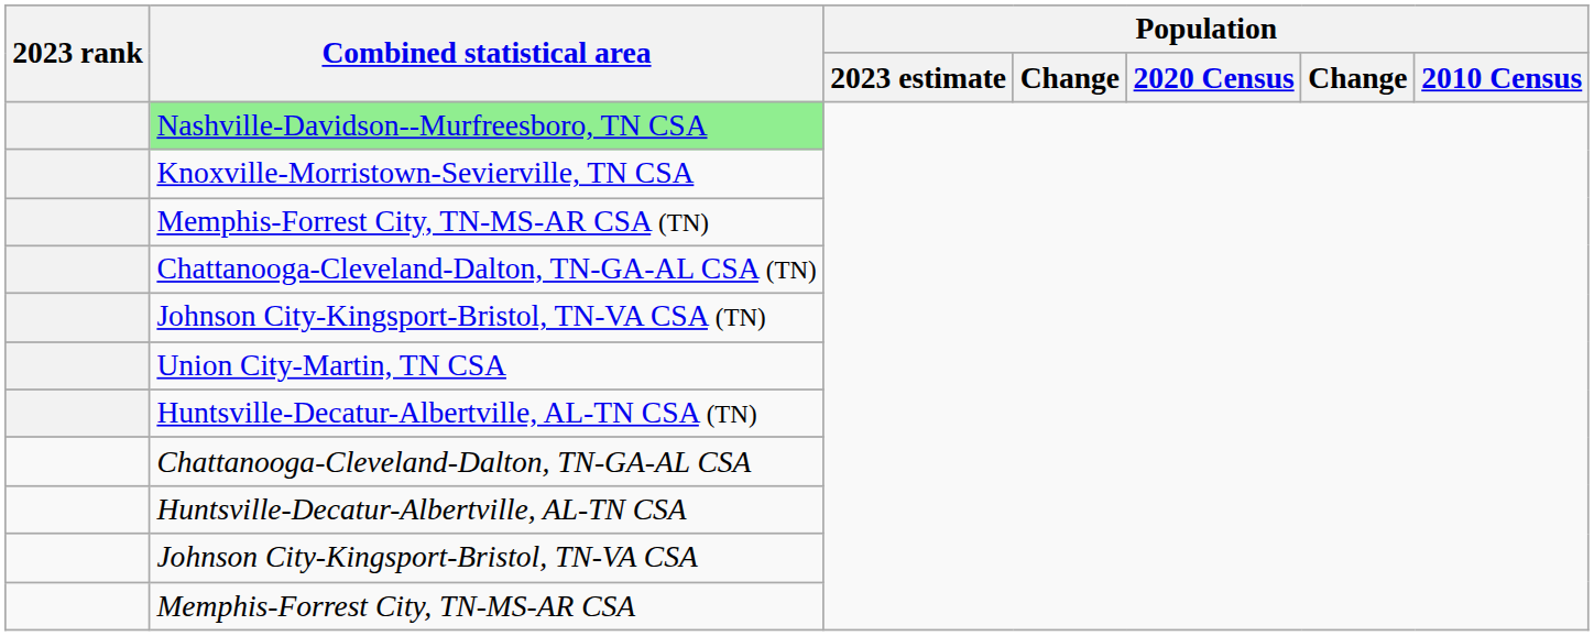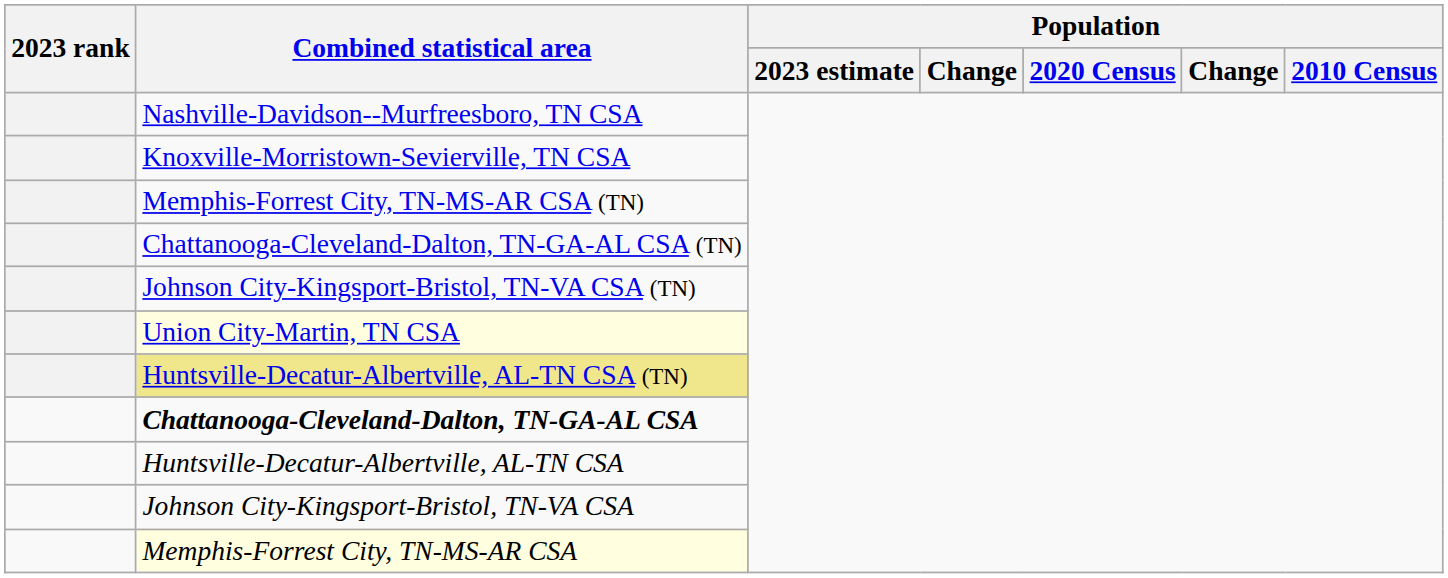 <table class="wikitable sortable">
 <tr>
 <th scope=col rowspan=2>2023 rank</th>
 <th scope=col rowspan=2><a href='#'>Combined statistical area</a></th>
 <th colspan=5>Population</th>
 </tr>
 <tr>
 <th scope=col>2023 estimate</th>
 <th scope=col>Change</th>
 <th scope=col><a href='#'>2020 Census</a></th>
 <th scope=col>Change</th>
 <th scope=col><a href='#'>2010 Census</a></th>
 </tr>
 <tr>
 <th scope=row></th>
-<td style="background: lightgreen;"><a href='#'>Nashville-Davidson--Murfreesboro, TN CSA</a><br></td>
+<td><a href='#'>Nashville-Davidson--Murfreesboro, TN CSA</a><br></td>
 </tr>
 <tr>
 <th scope=row></th>
 <td><a href='#'>Knoxville-Morristown-Sevierville, TN CSA</a><br></td>
 </tr>
 <tr>
 <th scope=row></th>
 <td><a href='#'>Memphis-Forrest City, TN-MS-AR CSA</a> <small>(TN)</small><br></td>
 </tr>
 <tr>
 <th scope=row></th>
 <td><a href='#'>Chattanooga-Cleveland-Dalton, TN-GA-AL CSA</a> <small>(TN)</small><br></td>
 </tr>
 <tr>
 <th scope=row></th>
 <td><a href='#'>Johnson City-Kingsport-Bristol, TN-VA CSA</a> <small>(TN)</small><br></td>
 </tr>
 <tr>
 <th scope=row></th>
-<td><a href='#'>Union City-Martin, TN CSA</a><br></td>
+<td style="background: lightyellow;"><a href='#'>Union City-Martin, TN CSA</a><br></td>
 </tr>
 <tr>
 <th scope=row></th>
-<td><a href='#'>Huntsville-Decatur-Albertville, AL-TN CSA</a> <small>(TN)</small><br></td>
+<td style="background: khaki;"><a href='#'>Huntsville-Decatur-Albertville, AL-TN CSA</a> <small>(TN)</small><br></td>
 </tr>
 <tr>
 <td></td>
-<td><em><span>Chattanooga-Cleveland-Dalton, TN-GA-AL CSA</span></em><br></td>
+<td><strong><em><span>Chattanooga-Cleveland-Dalton, TN-GA-AL CSA</span></em><br></strong></td>
 </tr>
 <tr>
 <td></td>
 <td><em><span>Huntsville-Decatur-Albertville, AL-TN CSA</span></em><br></td>
 </tr>
 <tr>
 <td></td>
 <td><em><span>Johnson City-Kingsport-Bristol, TN-VA CSA</span></em><br></td>
 </tr>
 <tr>
 <td></td>
-<td><em><span>Memphis-Forrest City, TN-MS-AR CSA</span></em><br></td>
+<td style="background: lightyellow;"><em><span>Memphis-Forrest City, TN-MS-AR CSA</span></em><br></td>
 </tr>
 </table>
